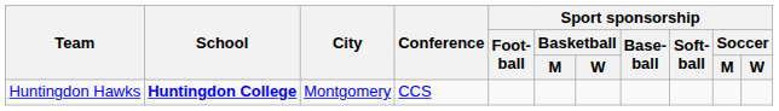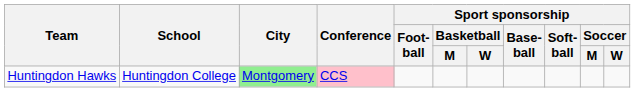 <table class="sortable wikitable">
 <tr>
 <th rowspan=3>Team</th>
 <th rowspan=3>School</th>
 <th rowspan=3>City</th>
 <th rowspan=3>Conference</th>
 <th colspan=7>Sport sponsorship</th>
 </tr>
 <tr>
 <th rowspan=2>Foot-<br>ball</th>
 <th colspan=2>Basketball</th>
 <th rowspan=2>Base-<br>ball</th>
 <th rowspan=2>Soft-<br>ball</th>
 <th colspan=2>Soccer</th>
 </tr>
 <tr>
 <th>M</th>
 <th>W</th>
 <th>M</th>
 <th>W</th>
 </tr>
 <tr>
 <td><a href='#'>Huntingdon Hawks</a></td>
-<td><strong><a href='#'>Huntingdon College</a></strong></td>
-<td><a href='#'>Montgomery</a></td>
-<td><a href='#'>CCS</a> </td>
+<td><a href='#'>Huntingdon College</a></td>
+<td style="background: lightgreen;"><a href='#'>Montgomery</a></td>
+<td style="background: pink;"><a href='#'>CCS</a> </td>
 <td> </td>
 <td></td>
 <td></td>
 <td></td>
 <td></td>
 <td></td>
 <td></td>
 </tr>
 </table>
